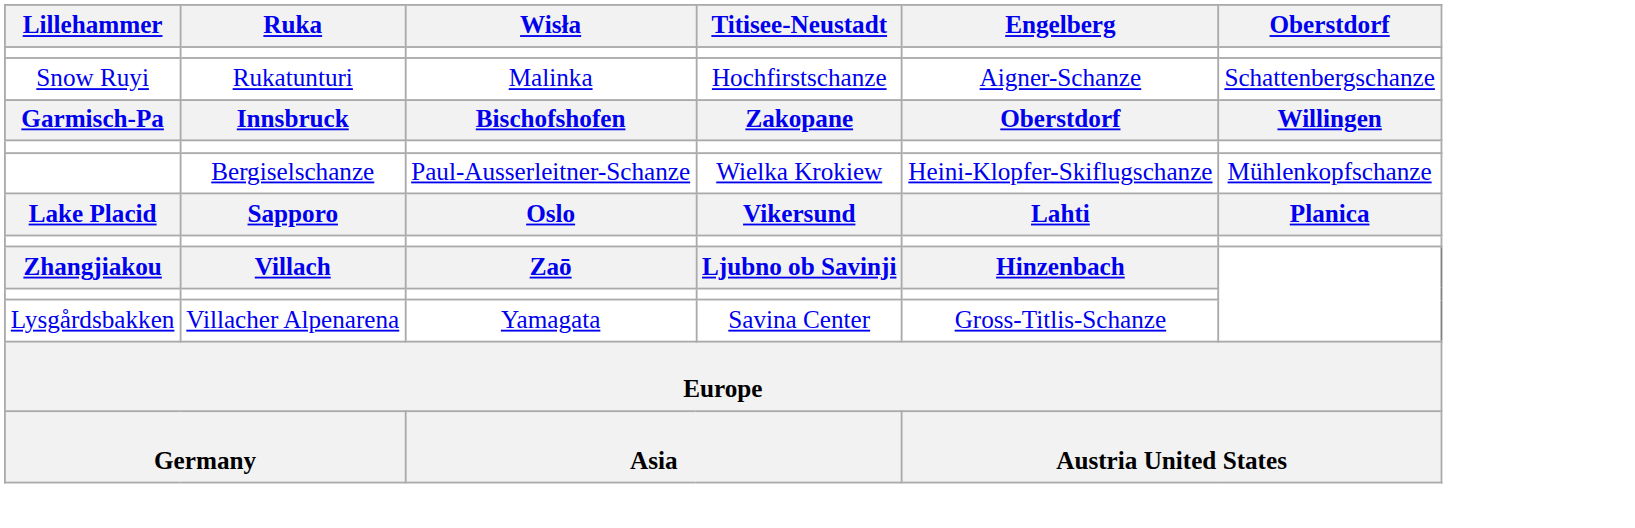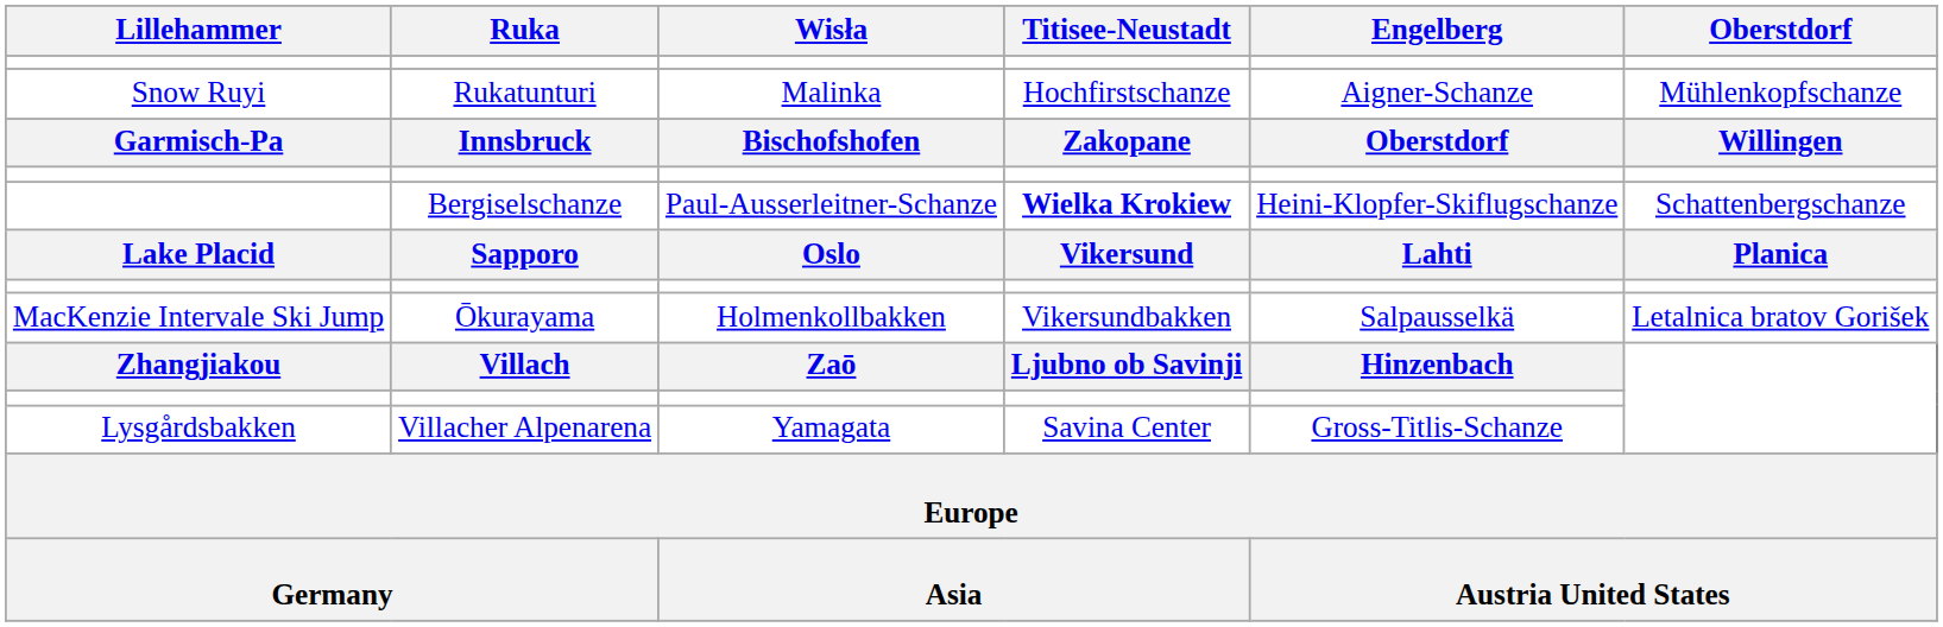 <table class="wikitable plainrowheaders" style="background:#fff; font-size:86%; line-height:16px; border:grey solid 1px; border-collapse:collapse;">
 <tr>
 <th> <a href='#'>Lillehammer</a></th>
 <th> <a href='#'>Ruka</a></th>
 <th> <a href='#'>Wisła</a></th>
 <th> <a href='#'>Titisee-Neustadt</a></th>
 <th> <a href='#'>Engelberg</a></th>
 <th> <a href='#'>Oberstdorf</a></th>
 </tr>
 <tr>
 <td align=center></td>
 <td align=center></td>
 <td align=center></td>
 <td align=center></td>
 <td align=center></td>
 <td align=center></td>
 </tr>
 <tr>
 <td align=center><a href='#'>Snow Ruyi</a></td>
 <td align=center><a href='#'>Rukatunturi</a></td>
 <td align=center><a href='#'>Malinka</a></td>
 <td align=center><a href='#'>Hochfirstschanze</a></td>
 <td align=center><a href='#'>Aigner-Schanze</a></td>
-<td align=center><a href='#'>Schattenbergschanze</a></td>
+<td align=center><a href='#'>Mühlenkopfschanze</a></td>
 </tr>
 <tr>
 <th> <a href='#'>Garmisch-Pa</a></th>
 <th> <a href='#'>Innsbruck</a></th>
 <th> <a href='#'>Bischofshofen</a></th>
 <th> <a href='#'>Zakopane</a></th>
 <th> <a href='#'>Oberstdorf</a></th>
 <th> <a href='#'>Willingen</a></th>
 </tr>
 <tr>
 <td align=center></td>
 <td align=center></td>
 <td align=center></td>
 <td align=center></td>
 <td align=center></td>
 <td align=center></td>
 </tr>
 <tr>
 <td align=center></td>
 <td align=center><a href='#'>Bergiselschanze</a></td>
 <td align=center><a href='#'>Paul-Ausserleitner-Schanze</a></td>
-<td align=center><a href='#'>Wielka Krokiew</a></td>
+<td align=center><strong><a href='#'>Wielka Krokiew</a></strong></td>
 <td align=center><a href='#'>Heini-Klopfer-Skiflugschanze</a></td>
-<td align=center><a href='#'>Mühlenkopfschanze</a></td>
+<td align=center><a href='#'>Schattenbergschanze</a></td>
 </tr>
 <tr>
 <th> <a href='#'>Lake Placid</a></th>
 <th> <a href='#'>Sapporo</a></th>
 <th> <a href='#'>Oslo</a></th>
 <th> <a href='#'>Vikersund</a></th>
 <th> <a href='#'>Lahti</a></th>
 <th> <a href='#'>Planica</a></th>
 </tr>
 <tr>
 <td align=center></td>
 <td align=center></td>
 <td align=center></td>
 <td align=center></td>
 <td align=center></td>
 <td align=center></td>
+</tr>
+<tr>
+<td align=center><a href='#'>MacKenzie Intervale Ski Jump</a></td>
+<td align=center><a href='#'>Ōkurayama</a></td>
+<td align=center><a href='#'>Holmenkollbakken</a></td>
+<td align=center><a href='#'>Vikersundbakken</a></td>
+<td align=center><a href='#'>Salpausselkä</a></td>
+<td align=center><a href='#'>Letalnica bratov Gorišek</a></td>
 </tr>
 <tr>
 <th> <a href='#'>Zhangjiakou</a></th>
 <th> <a href='#'>Villach</a></th>
 <th> <a href='#'>Zaō</a></th>
 <th> <a href='#'>Ljubno ob Savinji</a></th>
 <th> <a href='#'>Hinzenbach</a></th>
 </tr>
 <tr>
 <td align=center></td>
 <td align=center></td>
 <td align=center></td>
 <td align=center></td>
 <td align=center></td>
 </tr>
 <tr>
 <td align=center><a href='#'>Lysgårdsbakken</a></td>
 <td align=center><a href='#'>Villacher Alpenarena</a></td>
 <td align=center><a href='#'>Yamagata</a></td>
 <td align=center><a href='#'>Savina Center</a></td>
 <td align=center><a href='#'>Gross-Titlis-Schanze</a></td>
 </tr>
 <tr>
 <th colspan="6"><br>Europe </th>
 </tr>
 <tr>
 <th colspan=2><br>Germany </th>
 <th colspan=2><br>Asia </th>
 <th colspan=2><br>Austria  United States </th>
 </tr>
 </table>
